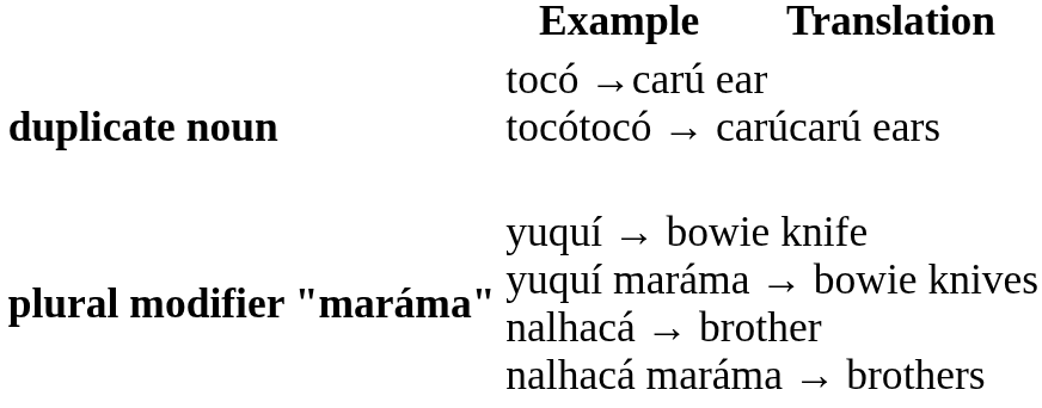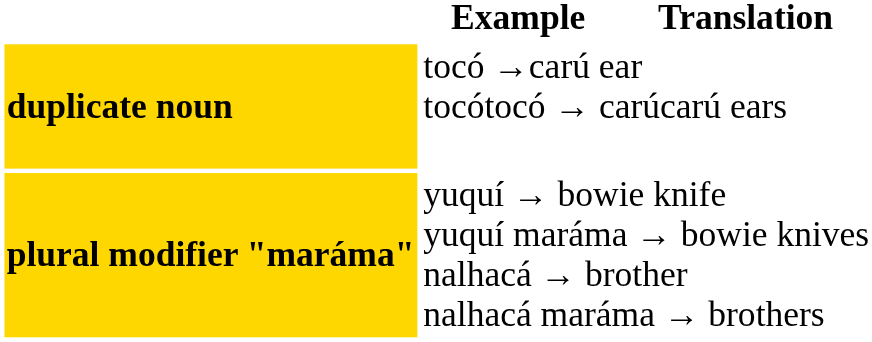 <table>
 <tr>
 <th></th>
 <th>Example</th>
 <th>Translation</th>
 </tr>
 <tr>
-<td><strong>duplicate noun</strong></td>
+<td style="background: gold;"><strong>duplicate noun</strong></td>
 <td colspan="2">tocó            →carú                 ear<br>tocótocó     → carúcarú         ears<br><br></td>
 </tr>
 <tr>
-<td><strong>plural modifier "maráma"</strong></td>
+<td style="background: gold;"><strong>plural modifier "maráma"</strong></td>
 <td colspan="2">yuquí                        →     bowie knife<br>yuquí   maráma        →     bowie knives<br>nalhacá                    →      brother<br>nalhacá    maráma  →       brothers <br></td>
 </tr>
 </table>
